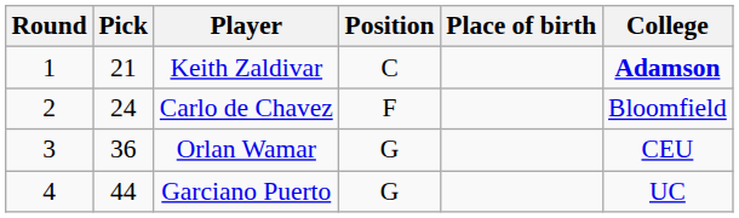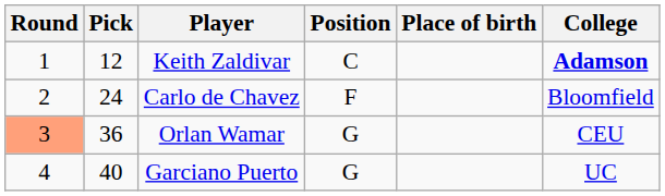 <table class="wikitable sortable sortable" style="text-align:center">
 <tr>
 <th>Round</th>
 <th>Pick</th>
 <th>Player</th>
 <th>Position</th>
 <th>Place of birth</th>
 <th>College</th>
 </tr>
 <tr>
 <td>1</td>
-<td>21</td>
+<td>12</td>
 <td><a href='#'>Keith Zaldivar</a></td>
 <td>C</td>
 <td></td>
 <td><strong><a href='#'>Adamson</a></strong></td>
 </tr>
 <tr>
 <td>2</td>
 <td>24</td>
 <td><a href='#'>Carlo de Chavez</a></td>
 <td>F</td>
 <td></td>
 <td><a href='#'>Bloomfield</a></td>
 </tr>
 <tr>
-<td>3</td>
+<td style="background: lightsalmon;">3</td>
 <td>36</td>
 <td><a href='#'>Orlan Wamar</a></td>
 <td>G</td>
 <td></td>
 <td><a href='#'>CEU</a></td>
 </tr>
 <tr>
 <td>4</td>
-<td>44</td>
+<td>40</td>
 <td><a href='#'>Garciano Puerto</a></td>
 <td>G</td>
 <td></td>
 <td><a href='#'>UC</a></td>
 </tr>
 </table>
